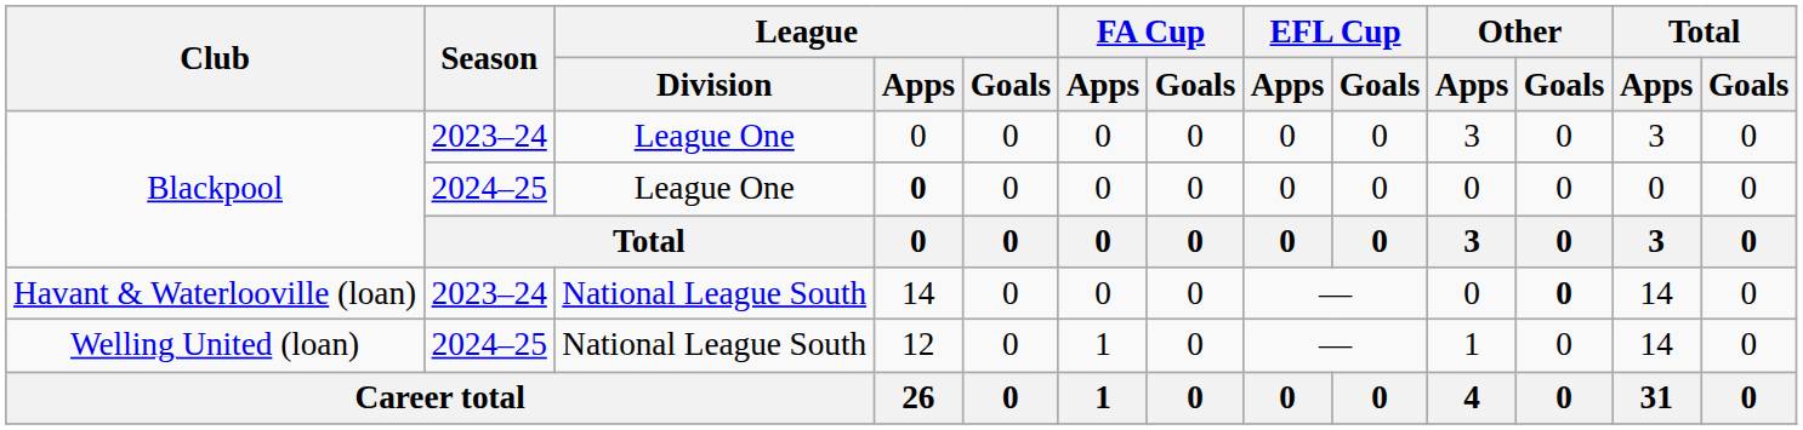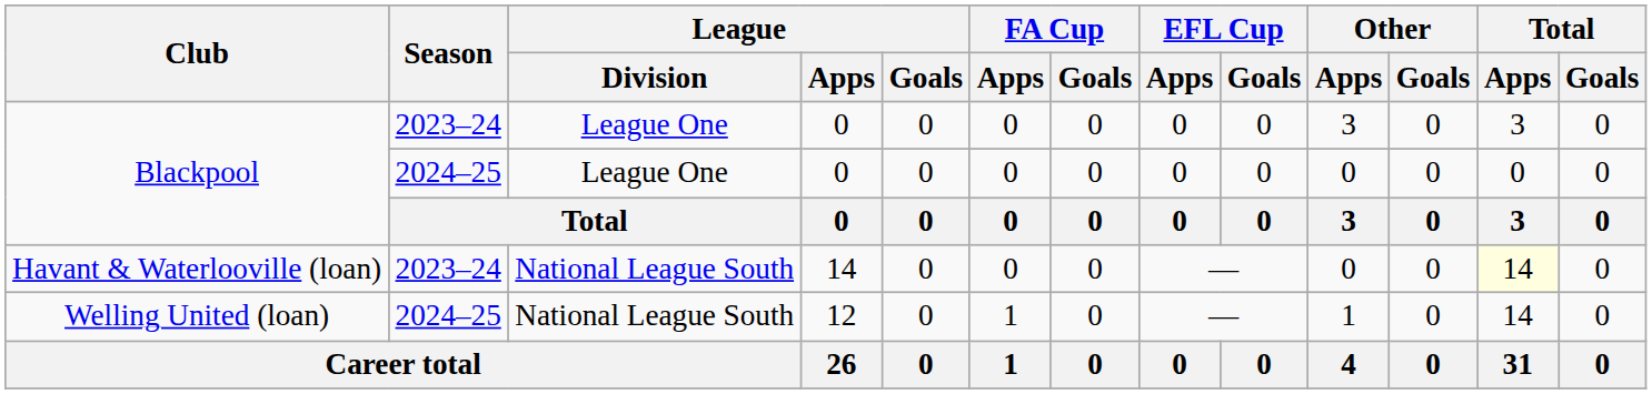 <table class="wikitable" style="text-align:center;">
 <tr>
 <th rowspan="2">Club</th>
 <th rowspan="2">Season</th>
 <th colspan="3">League</th>
 <th colspan="2"><a href='#'>FA Cup</a></th>
 <th colspan="2"><a href='#'>EFL Cup</a></th>
 <th colspan="2">Other</th>
 <th colspan="2">Total</th>
 </tr>
 <tr>
 <th>Division</th>
 <th>Apps</th>
 <th>Goals</th>
 <th>Apps</th>
 <th>Goals</th>
 <th>Apps</th>
 <th>Goals</th>
 <th>Apps</th>
 <th>Goals</th>
 <th>Apps</th>
 <th>Goals</th>
 </tr>
 <tr>
 <td rowspan="3"><a href='#'>Blackpool</a></td>
 <td><a href='#'>2023–24</a></td>
 <td><a href='#'>League One</a></td>
 <td>0</td>
 <td>0</td>
 <td>0</td>
 <td>0</td>
 <td>0</td>
 <td>0</td>
 <td>3</td>
 <td>0</td>
 <td>3</td>
 <td>0</td>
 </tr>
 <tr>
 <td><a href='#'>2024–25</a></td>
 <td>League One</td>
-<td><strong>0</strong></td>
+<td>0</td>
 <td>0</td>
 <td>0</td>
 <td>0</td>
 <td>0</td>
 <td>0</td>
 <td>0</td>
 <td>0</td>
 <td>0</td>
 <td>0</td>
 </tr>
 <tr>
 <th colspan="2">Total</th>
 <th>0</th>
 <th>0</th>
 <th>0</th>
 <th>0</th>
 <th>0</th>
 <th>0</th>
 <th>3</th>
 <th>0</th>
 <th>3</th>
 <th>0</th>
 </tr>
 <tr>
 <td><a href='#'>Havant & Waterlooville</a> (loan)</td>
 <td><a href='#'>2023–24</a></td>
 <td><a href='#'>National League South</a></td>
 <td>14</td>
 <td>0</td>
 <td>0</td>
 <td>0</td>
 <td colspan="2">—</td>
 <td>0</td>
-<td><strong>0</strong></td>
-<td>14</td>
+<td>0</td>
+<td style="background: lightyellow;">14</td>
 <td>0</td>
 </tr>
 <tr>
 <td><a href='#'>Welling United</a> (loan)</td>
 <td><a href='#'>2024–25</a></td>
 <td>National League South</td>
 <td>12</td>
 <td>0</td>
 <td>1</td>
 <td>0</td>
 <td colspan="2">—</td>
 <td>1</td>
 <td>0</td>
 <td>14</td>
 <td>0</td>
 </tr>
 <tr>
 <th colspan="3">Career total</th>
 <th>26</th>
 <th>0</th>
 <th>1</th>
 <th>0</th>
 <th>0</th>
 <th>0</th>
 <th>4</th>
 <th>0</th>
 <th>31</th>
 <th>0</th>
 </tr>
 </table>
